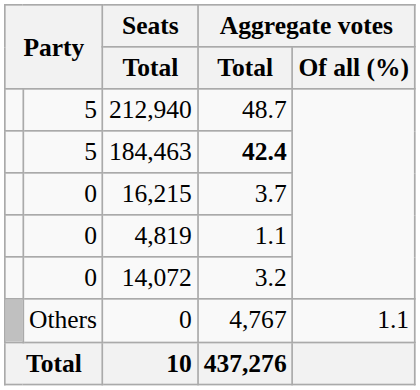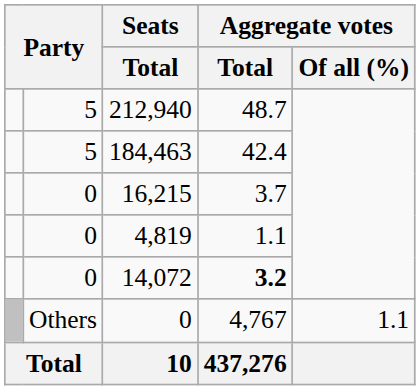 <table class="wikitable" style="text-align:right; font-size:95%;">
 <tr>
 <th colspan="2" rowspan="2">Party</th>
 <th>Seats</th>
 <th colspan="2">Aggregate votes</th>
 </tr>
 <tr>
 <th>Total</th>
 <th>Total</th>
 <th>Of all (%)</th>
 </tr>
 <tr>
 <td></td>
 <td>5</td>
 <td>212,940</td>
 <td>48.7</td>
 </tr>
 <tr>
 <td></td>
 <td>5</td>
 <td>184,463</td>
-<td><strong>42.4</strong></td>
+<td>42.4</td>
 </tr>
 <tr>
 <td></td>
 <td>0</td>
 <td>16,215</td>
 <td>3.7</td>
 </tr>
 <tr>
 <td></td>
 <td>0</td>
 <td>4,819</td>
 <td>1.1</td>
 </tr>
 <tr>
 <td></td>
 <td>0</td>
 <td>14,072</td>
-<td>3.2</td>
+<td><strong>3.2</strong></td>
 </tr>
 <tr>
 <td style="background:silver;"> </td>
 <td align=left>Others</td>
 <td>0</td>
 <td>4,767</td>
 <td>1.1</td>
 </tr>
 <tr>
 <th colspan="2" style="background:#f2f2f2"><strong>Total</strong></th>
 <td style="background:#f2f2f2;"><strong>10</strong></td>
 <td style="background:#f2f2f2;"><strong>437,276</strong></td>
 <td style="background:#f2f2f2;"></td>
 </tr>
 </table>
